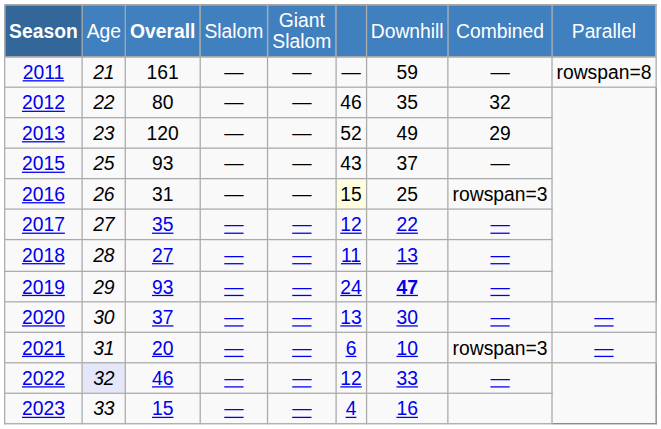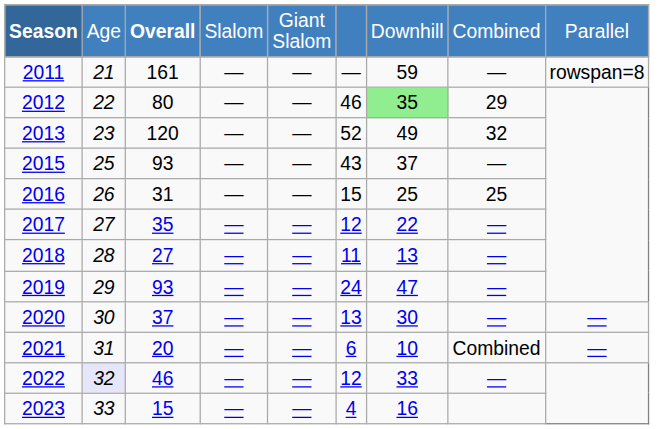 <table class="wikitable"  style="font-size:95%; text-align:center; border:gray solid 1px; width:40%;">
 <tr style="background:#369; color:white;">
 <td rowspan="2" style="width:4%;"><strong>Season</strong></td>
 </tr>
 <tr style="background:#4180be; color:white;">
 <td style="width:3%;">Age</td>
 <td style="width:5%;"><strong>Overall</strong></td>
 <td style="width:5%;">Slalom</td>
 <td style="width:5%;">Giant<br>Slalom</td>
 <td style="width:5%;"></td>
 <td style="width:5%;">Downhill</td>
 <td style="width:5%;">Combined</td>
 <td style="width:5%;">Parallel</td>
 </tr>
 <tr>
 <td><a href='#'>2011</a></td>
 <td><em>21</em></td>
 <td>161</td>
 <td>—</td>
 <td>—</td>
 <td>—</td>
 <td>59</td>
 <td>—</td>
 <td>rowspan=8 </td>
 </tr>
 <tr>
 <td><a href='#'>2012</a></td>
 <td><em>22</em></td>
 <td>80</td>
 <td>—</td>
 <td>—</td>
 <td>46</td>
-<td>35</td>
-<td>32</td>
+<td style="background: lightgreen;">35</td>
+<td>29</td>
 </tr>
 <tr>
 <td><a href='#'>2013</a></td>
 <td><em>23</em></td>
 <td>120</td>
 <td>—</td>
 <td>—</td>
 <td>52</td>
 <td>49</td>
-<td>29</td>
+<td>32</td>
 </tr>
 <tr>
 <td><a href='#'>2015</a></td>
 <td><em>25</em></td>
 <td>93</td>
 <td>—</td>
 <td>—</td>
 <td>43</td>
 <td>37</td>
 <td>—</td>
 </tr>
 <tr>
 <td><a href='#'>2016</a></td>
 <td><em>26</em></td>
 <td>31</td>
 <td>—</td>
 <td>—</td>
-<td style="background: lightyellow;">15</td>
+<td>15</td>
 <td>25</td>
-<td>rowspan=3 </td>
+<td>25</td>
 </tr>
 <tr>
 <td><a href='#'>2017</a></td>
 <td><em>27</em></td>
 <td><a href='#'>35</a></td>
 <td><a href='#'>—</a></td>
 <td><a href='#'>—</a></td>
 <td><a href='#'>12</a></td>
 <td><a href='#'>22</a></td>
 <td><a href='#'>—</a></td>
 </tr>
 <tr>
 <td><a href='#'>2018</a></td>
 <td><em>28</em></td>
 <td><a href='#'>27</a></td>
 <td><a href='#'>—</a></td>
 <td><a href='#'>—</a></td>
 <td><a href='#'>11</a></td>
 <td><a href='#'>13</a></td>
 <td><a href='#'>—</a></td>
 </tr>
 <tr>
 <td><a href='#'>2019</a></td>
 <td><em>29</em></td>
 <td><a href='#'>93</a></td>
 <td><a href='#'>—</a></td>
 <td><a href='#'>—</a></td>
 <td><a href='#'>24</a></td>
-<td><strong><a href='#'>47</a></strong></td>
+<td><a href='#'>47</a></td>
 <td><a href='#'>—</a></td>
 </tr>
 <tr>
 <td><a href='#'>2020</a></td>
 <td><em>30</em></td>
 <td><a href='#'>37</a></td>
 <td><a href='#'>—</a></td>
 <td><a href='#'>—</a></td>
 <td><a href='#'>13</a></td>
 <td><a href='#'>30</a></td>
 <td><a href='#'>—</a></td>
 <td><a href='#'>—</a></td>
 </tr>
 <tr>
 <td><a href='#'>2021</a></td>
 <td><em>31</em></td>
 <td><a href='#'>20</a></td>
 <td><a href='#'>—</a></td>
 <td><a href='#'>—</a></td>
 <td><a href='#'>6</a></td>
 <td><a href='#'>10</a></td>
-<td>rowspan=3 </td>
+<td style="width:5%;">Combined</td>
 <td><a href='#'>—</a></td>
 </tr>
 <tr>
 <td><a href='#'>2022</a></td>
 <td style="background: lavender;"><em>32</em></td>
 <td><a href='#'>46</a></td>
 <td><a href='#'>—</a></td>
 <td><a href='#'>—</a></td>
 <td><a href='#'>12</a></td>
 <td><a href='#'>33</a></td>
 <td><a href='#'>—</a></td>
 </tr>
 <tr>
 <td><a href='#'>2023</a></td>
 <td><em>33</em></td>
 <td><a href='#'>15</a></td>
 <td><a href='#'>—</a></td>
 <td><a href='#'>—</a></td>
 <td><a href='#'>4</a></td>
 <td><a href='#'>16</a></td>
 <td></td>
 </tr>
 </table>
